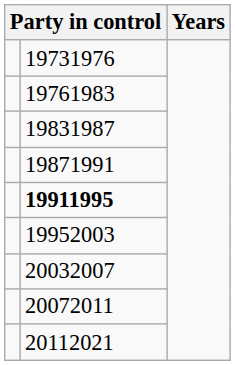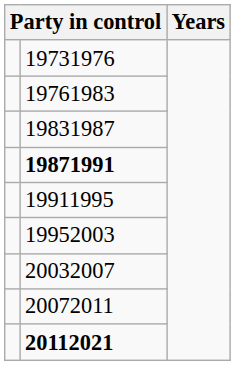 <table class="wikitable">
 <tr>
 <th colspan="2">Party in control</th>
 <th>Years</th>
 </tr>
 <tr>
 <td></td>
 <td>19731976</td>
 </tr>
 <tr>
 <td></td>
 <td>19761983</td>
 </tr>
 <tr>
 <td></td>
 <td>19831987</td>
 </tr>
 <tr>
 <td></td>
-<td>19871991</td>
+<td><strong>19871991</strong></td>
 </tr>
 <tr>
 <td></td>
-<td><strong>19911995</strong></td>
+<td>19911995</td>
 </tr>
 <tr>
 <td></td>
 <td>19952003</td>
 </tr>
 <tr>
 <td></td>
 <td>20032007</td>
 </tr>
 <tr>
 <td></td>
 <td>20072011</td>
 </tr>
 <tr>
 <td></td>
-<td>20112021</td>
+<td><strong>20112021</strong></td>
 </tr>
 </table>
